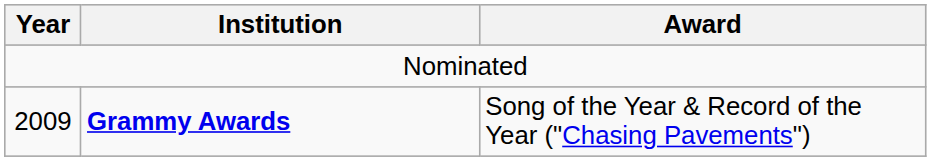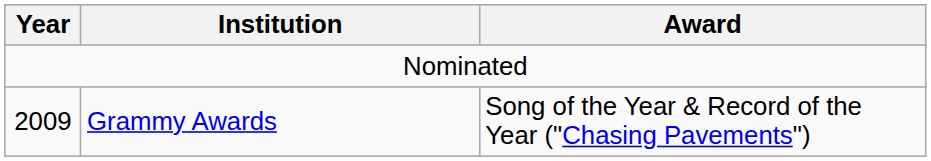 <table class="wikitable">
 <tr>
 <th width="40" rowspan="1">Year</th>
 <th width="240" rowspan="1">Institution</th>
 <th width="270" rowspan="1">Award</th>
 </tr>
 <tr>
 <td colspan=3 align=center>Nominated</td>
 </tr>
 <tr>
 <td align="center">2009</td>
-<td align="left"><strong><a href='#'>Grammy Awards</a></strong></td>
+<td align="left"><a href='#'>Grammy Awards</a></td>
 <td align="left">Song of the Year & Record of the Year ("<a href='#'>Chasing Pavements</a>")</td>
 </tr>
 </table>
